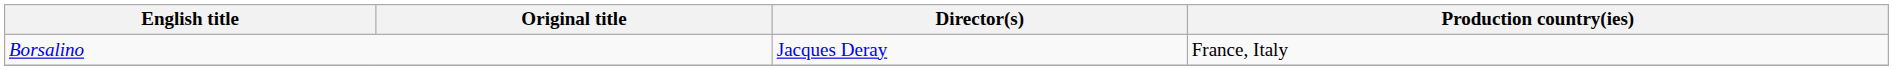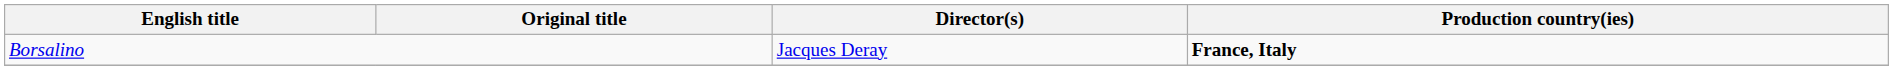 <table class="sortable wikitable" style="width:100%; margin-bottom:4px" cellpadding="5">
 <tr>
 <th scope="col">English title</th>
 <th scope="col">Original title</th>
 <th scope="col">Director(s)</th>
 <th scope="col">Production country(ies)</th>
 </tr>
 <tr>
 <td colspan=2><em><a href='#'>Borsalino</a></em></td>
 <td><a href='#'>Jacques Deray</a></td>
-<td>France, Italy</td>
+<td><strong>France, Italy</strong></td>
 </tr>
 <tr>
 </tr>
 </table>
